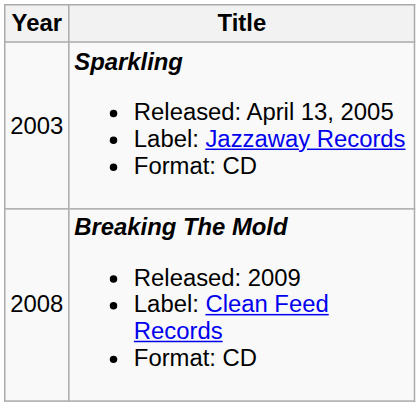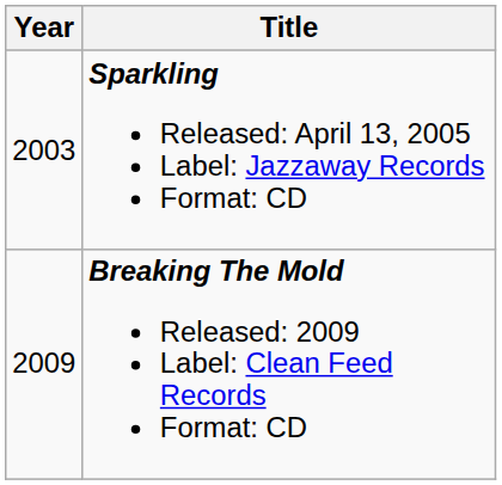 <table class="wikitable">
 <tr>
 <th>Year</th>
 <th style="width:225px;">Title</th>
 </tr>
 <tr>
 <td>2003</td>
 <td><strong><em>Sparkling</em></strong><br><ul><li>Released: April 13, 2005</li><li>Label: <a href='#'>Jazzaway Records</a> </li><li>Format: CD</li></ul></td>
 </tr>
 <tr>
-<td>2008</td>
+<td>2009</td>
 <td><strong><em>Breaking The Mold</em></strong><br><ul><li>Released: 2009</li><li>Label: <a href='#'>Clean Feed Records</a> </li><li>Format: CD</li></ul></td>
 </tr>
 </table>
